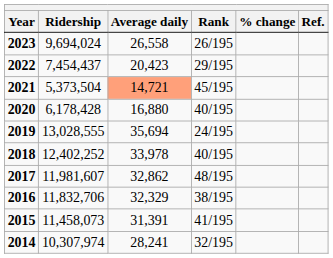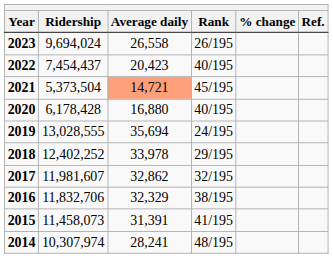 <table class="wikitable sortable" style="text-align:right;">
 <tr>
 <th colspan="6" style="background-color:#"></th>
 </tr>
 <tr style="font-size:95%; text-align:center">
 <th style="border-bottom:1px solid black">Year</th>
 <th style="border-bottom:1px solid black">Ridership</th>
 <th style="border-bottom:1px solid black">Average daily</th>
 <th style="border-bottom:1px solid black">Rank</th>
 <th style="border-bottom:1px solid black">% change</th>
 <th style="border-bottom:1px solid black">Ref.</th>
 </tr>
 <tr style="text-align:center;">
 <td><strong>2023</strong></td>
 <td>9,694,024</td>
 <td>26,558</td>
 <td>26/195</td>
 <td></td>
 <td></td>
 </tr>
 <tr style="text-align:center;">
 <td><strong>2022</strong></td>
 <td>7,454,437</td>
 <td>20,423</td>
-<td>29/195</td>
+<td>40/195</td>
 <td></td>
 <td></td>
 </tr>
 <tr style="text-align:center;">
 <td><strong>2021</strong></td>
 <td>5,373,504</td>
 <td style="background: lightsalmon;">14,721</td>
 <td>45/195</td>
 <td></td>
 <td></td>
 </tr>
 <tr style="text-align:center;">
 <td><strong>2020</strong></td>
 <td>6,178,428</td>
 <td>16,880</td>
 <td>40/195</td>
 <td></td>
 <td></td>
 </tr>
 <tr style="text-align:center;">
 <td><strong>2019</strong></td>
 <td>13,028,555</td>
 <td>35,694</td>
 <td>24/195</td>
 <td></td>
 <td></td>
 </tr>
 <tr style="text-align:center;">
 <td><strong>2018</strong></td>
 <td>12,402,252</td>
 <td>33,978</td>
-<td>40/195</td>
+<td>29/195</td>
 <td></td>
 <td></td>
 </tr>
 <tr style="text-align:center;">
 <td><strong>2017</strong></td>
 <td>11,981,607</td>
 <td>32,862</td>
-<td>48/195</td>
+<td>32/195</td>
 <td></td>
 <td></td>
 </tr>
 <tr style="text-align:center;">
 <td><strong>2016</strong></td>
 <td>11,832,706</td>
 <td>32,329</td>
 <td>38/195</td>
 <td></td>
 <td></td>
 </tr>
 <tr style="text-align:center;">
 <td><strong>2015</strong></td>
 <td>11,458,073</td>
 <td>31,391</td>
 <td>41/195</td>
 <td></td>
 <td></td>
 </tr>
 <tr style="text-align:center;">
 <td><strong>2014</strong></td>
 <td>10,307,974</td>
 <td>28,241</td>
-<td>32/195</td>
+<td>48/195</td>
 <td></td>
 <td></td>
 </tr>
 </table>
